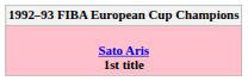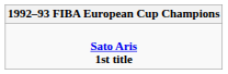 <table class=wikitable style="text-align:center; margin:auto">
 <tr>
 <th>1992–93 FIBA European Cup Champions</th>
 </tr>
 <tr>
-<td style="background: pink;"><br> <strong><a href='#'>Sato Aris</a></strong> <br> <strong>1st title</strong></td>
+<td><br> <strong><a href='#'>Sato Aris</a></strong> <br> <strong>1st title</strong></td>
 </tr>
 </table>
